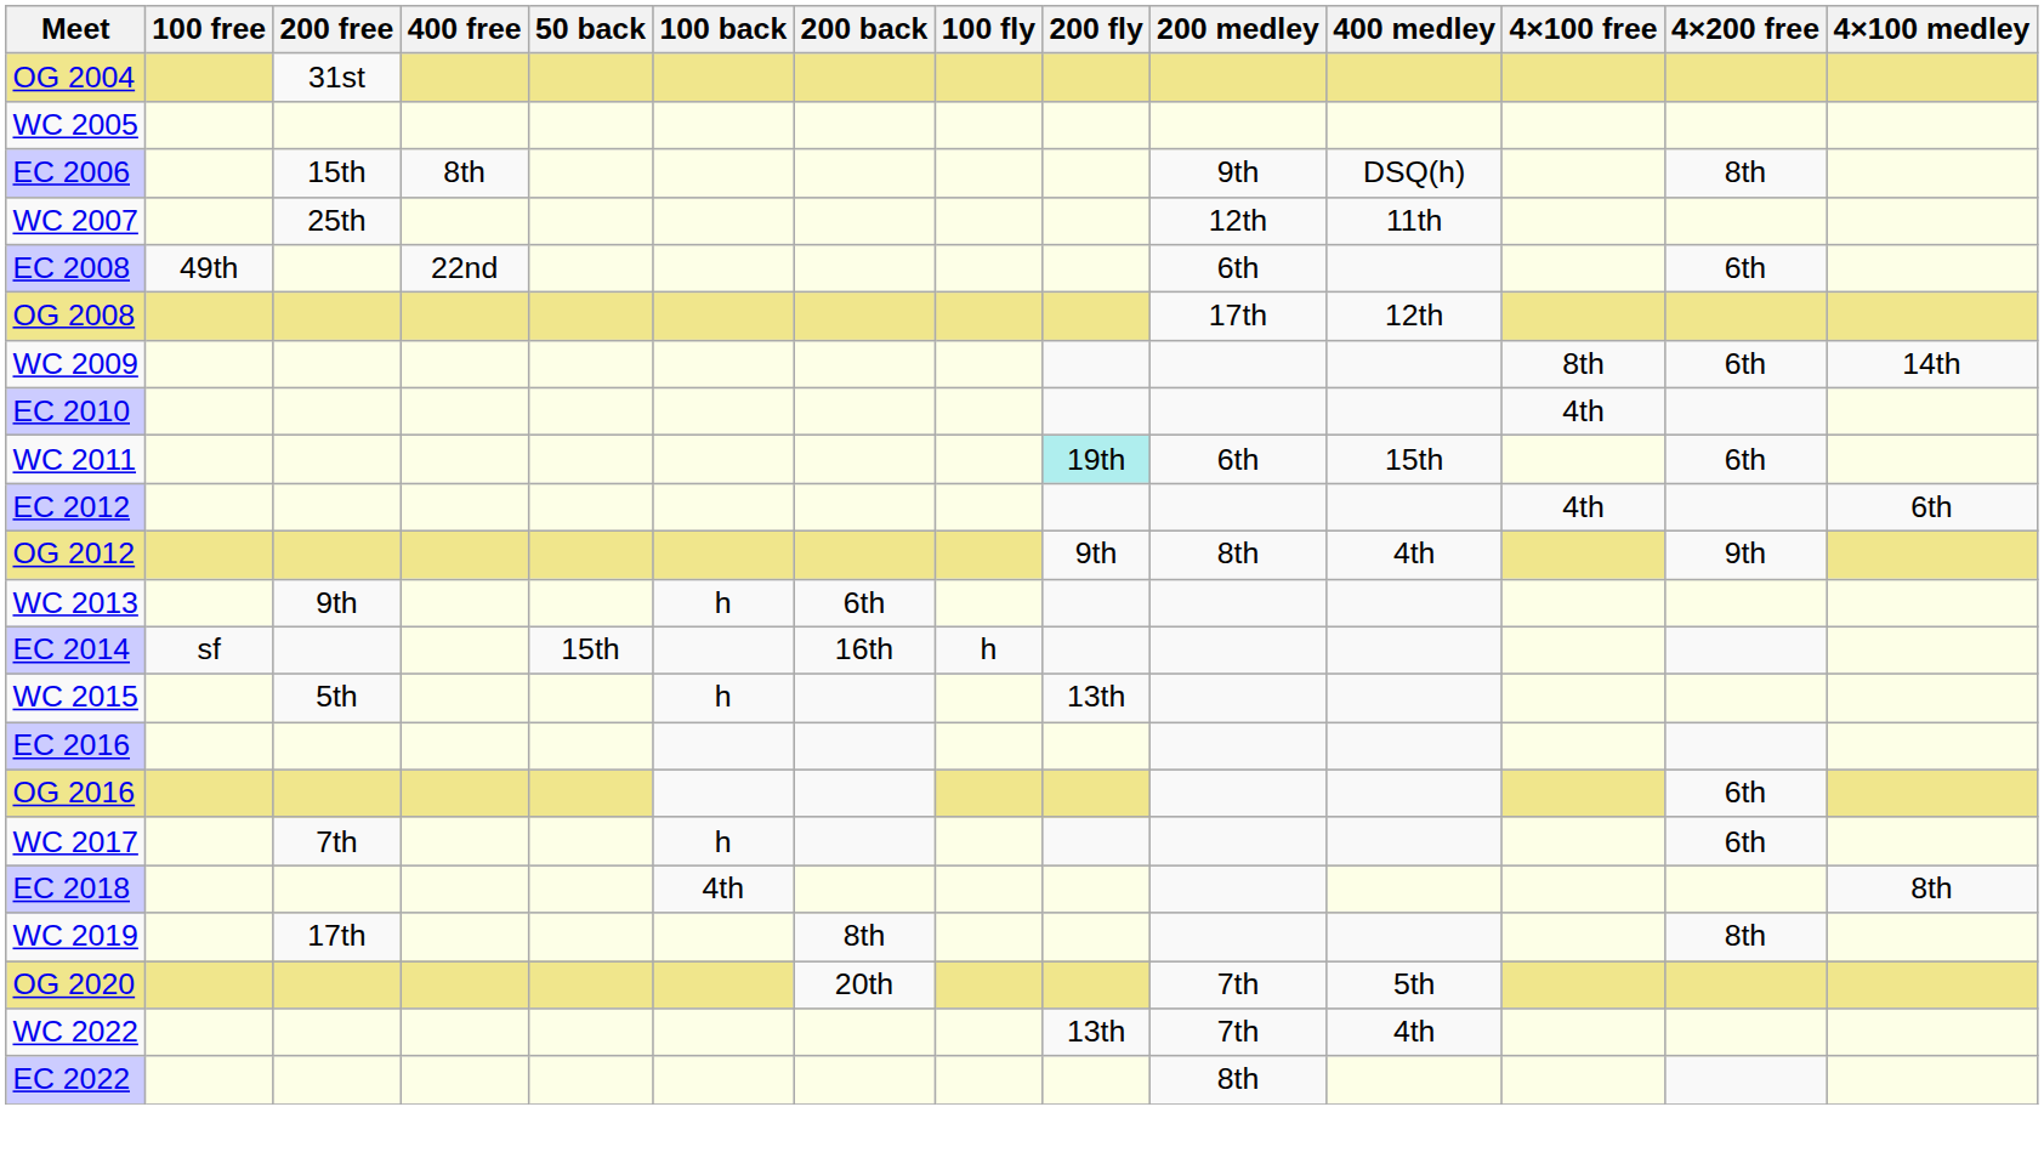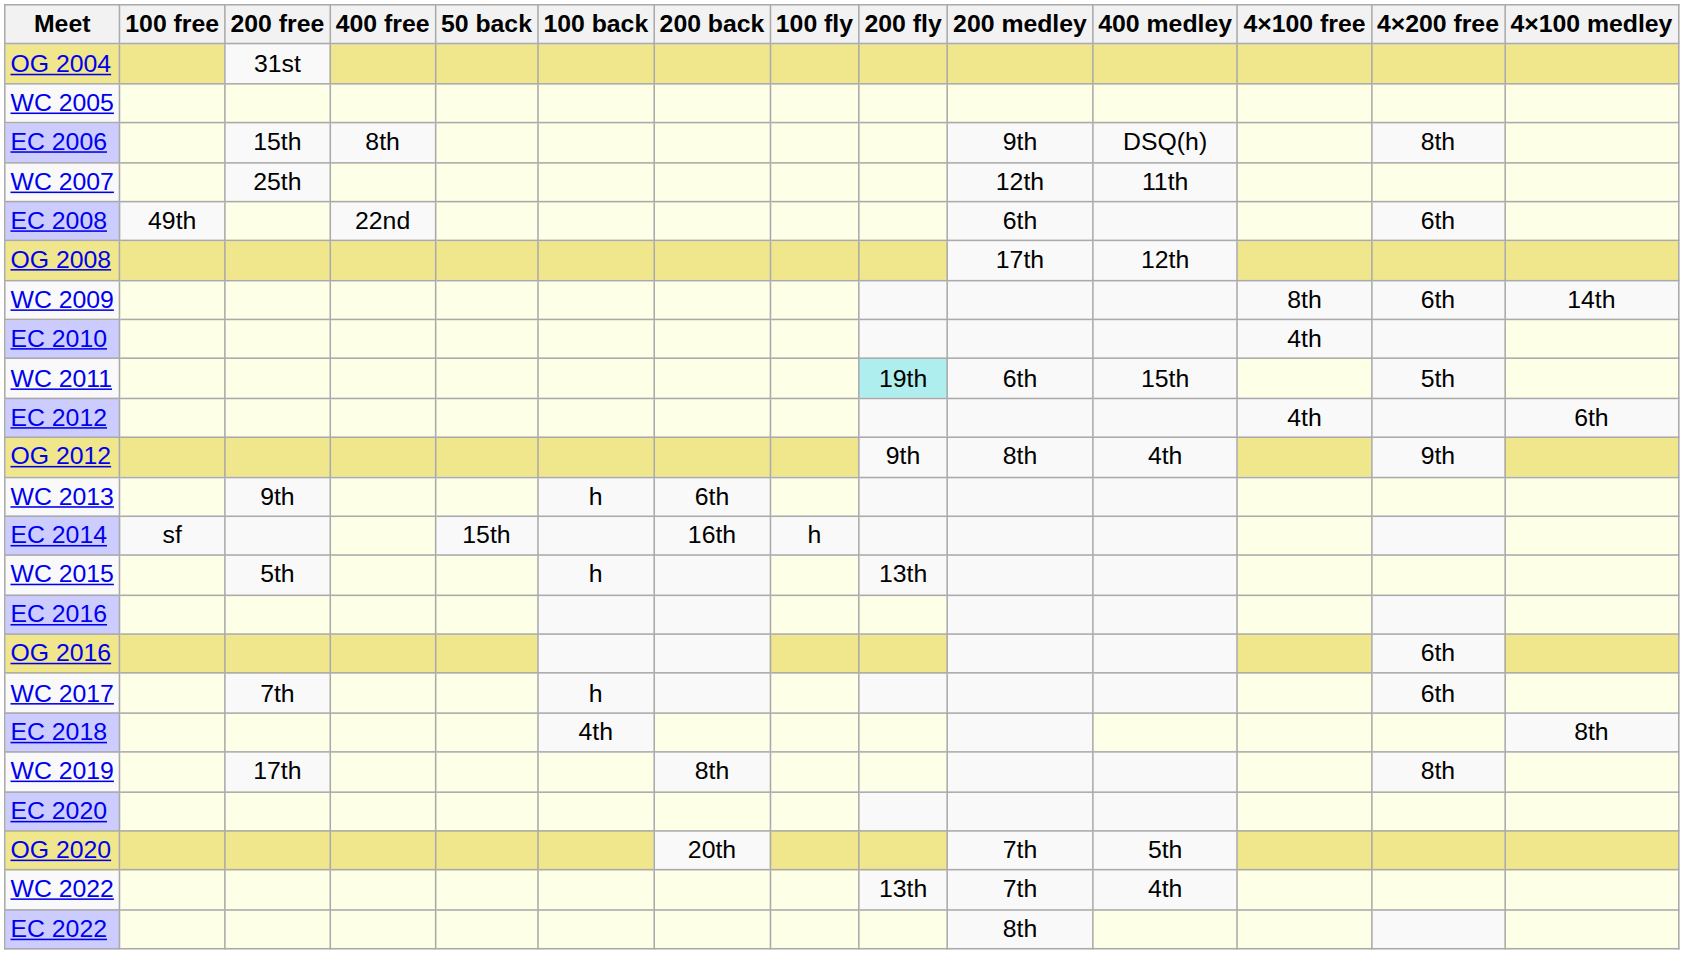 <table class="sortable wikitable">
 <tr>
 <th>Meet</th>
 <th class="unsortable">100 free</th>
 <th class="unsortable">200 free</th>
 <th class="unsortable">400 free</th>
 <th class="unsortable">50 back</th>
 <th class="unsortable">100 back</th>
 <th class="unsortable">200 back</th>
 <th class="unsortable">100 fly</th>
 <th class="unsortable">200 fly</th>
 <th class="unsortable">200 medley</th>
 <th class="unsortable">400 medley</th>
 <th class="unsortable">4×100 free</th>
 <th class="unsortable">4×200 free</th>
 <th class="unsortable">4×100 medley</th>
 </tr>
 <tr>
 <td style="background:#f0e68c"><a href='#'>OG 2004</a></td>
 <td style="background:#f0e68c"></td>
 <td align="center">31st</td>
 <td style="background:#f0e68c"></td>
 <td style="background:#f0e68c"></td>
 <td style="background:#f0e68c"></td>
 <td style="background:#f0e68c"></td>
 <td style="background:#f0e68c"></td>
 <td style="background:#f0e68c"></td>
 <td style="background:#f0e68c"></td>
 <td style="background:#f0e68c"></td>
 <td style="background:#f0e68c"></td>
 <td style="background:#f0e68c"></td>
 <td style="background:#f0e68c"></td>
 </tr>
 <tr>
 <td><a href='#'>WC 2005</a></td>
 <td style="background:#fdffe7"></td>
 <td style="background:#fdffe7"></td>
 <td style="background:#fdffe7"></td>
 <td style="background:#fdffe7"></td>
 <td style="background:#fdffe7"></td>
 <td style="background:#fdffe7"></td>
 <td style="background:#fdffe7"></td>
 <td style="background:#fdffe7"></td>
 <td style="background:#fdffe7"></td>
 <td style="background:#fdffe7"></td>
 <td style="background:#fdffe7"></td>
 <td style="background:#fdffe7"></td>
 <td style="background:#fdffe7"></td>
 </tr>
 <tr>
 <td style="background:#ccccff"><a href='#'>EC 2006</a></td>
 <td style="background:#fdffe7"></td>
 <td align="center">15th</td>
 <td align="center">8th</td>
 <td style="background:#fdffe7"></td>
 <td style="background:#fdffe7"></td>
 <td style="background:#fdffe7"></td>
 <td style="background:#fdffe7"></td>
 <td style="background:#fdffe7"></td>
 <td align="center">9th</td>
 <td align="center">DSQ(h)</td>
 <td style="background:#fdffe7"></td>
 <td align="center">8th</td>
 <td style="background:#fdffe7"></td>
 </tr>
 <tr>
 <td><a href='#'>WC 2007</a></td>
 <td style="background:#fdffe7"></td>
 <td align="center">25th</td>
 <td style="background:#fdffe7"></td>
 <td style="background:#fdffe7"></td>
 <td style="background:#fdffe7"></td>
 <td style="background:#fdffe7"></td>
 <td style="background:#fdffe7"></td>
 <td style="background:#fdffe7"></td>
 <td align="center">12th</td>
 <td align="center">11th</td>
 <td style="background:#fdffe7"></td>
 <td style="background:#fdffe7"></td>
 <td style="background:#fdffe7"></td>
 </tr>
 <tr>
 <td style="background:#ccccff"><a href='#'>EC 2008</a></td>
 <td align="center">49th</td>
 <td style="background:#fdffe7"></td>
 <td align="center">22nd</td>
 <td style="background:#fdffe7"></td>
 <td style="background:#fdffe7"></td>
 <td style="background:#fdffe7"></td>
 <td style="background:#fdffe7"></td>
 <td style="background:#fdffe7"></td>
 <td align="center">6th</td>
 <td align="center"></td>
 <td style="background:#fdffe7"></td>
 <td align="center">6th</td>
 <td style="background:#fdffe7"></td>
 </tr>
 <tr>
 <td style="background:#f0e68c"><a href='#'>OG 2008</a></td>
 <td style="background:#f0e68c"></td>
 <td style="background:#f0e68c"></td>
 <td style="background:#f0e68c"></td>
 <td style="background:#f0e68c"></td>
 <td style="background:#f0e68c"></td>
 <td style="background:#f0e68c"></td>
 <td style="background:#f0e68c"></td>
 <td style="background:#f0e68c"></td>
 <td align="center">17th</td>
 <td align="center">12th</td>
 <td style="background:#f0e68c"></td>
 <td style="background:#f0e68c"></td>
 <td style="background:#f0e68c"></td>
 </tr>
 <tr>
 <td><a href='#'>WC 2009</a></td>
 <td style="background:#fdffe7"></td>
 <td style="background:#fdffe7"></td>
 <td style="background:#fdffe7"></td>
 <td style="background:#fdffe7"></td>
 <td style="background:#fdffe7"></td>
 <td style="background:#fdffe7"></td>
 <td style="background:#fdffe7"></td>
 <td align="center"></td>
 <td align="center"></td>
 <td align="center"></td>
 <td align="center">8th</td>
 <td align="center">6th</td>
 <td align="center">14th</td>
 </tr>
 <tr>
 <td style="background:#ccccff"><a href='#'>EC 2010</a></td>
 <td style="background:#fdffe7"></td>
 <td style="background:#fdffe7"></td>
 <td style="background:#fdffe7"></td>
 <td style="background:#fdffe7"></td>
 <td style="background:#fdffe7"></td>
 <td style="background:#fdffe7"></td>
 <td style="background:#fdffe7"></td>
 <td align="center"></td>
 <td align="center"></td>
 <td align="center"></td>
 <td align="center">4th</td>
 <td align="center"></td>
 <td style="background:#fdffe7"></td>
 </tr>
 <tr>
 <td><a href='#'>WC 2011</a></td>
 <td style="background:#fdffe7"></td>
 <td style="background:#fdffe7"></td>
 <td style="background:#fdffe7"></td>
 <td style="background:#fdffe7"></td>
 <td style="background:#fdffe7"></td>
 <td style="background:#fdffe7"></td>
 <td style="background:#fdffe7"></td>
 <td align="center" style="background: paleturquoise;">19th</td>
 <td align="center">6th</td>
 <td align="center">15th</td>
 <td style="background:#fdffe7"></td>
-<td align="center">6th</td>
+<td align="center">5th</td>
 <td style="background:#fdffe7"></td>
 </tr>
 <tr>
 <td style="background:#ccccff"><a href='#'>EC 2012</a></td>
 <td style="background:#fdffe7"></td>
 <td style="background:#fdffe7"></td>
 <td style="background:#fdffe7"></td>
 <td style="background:#fdffe7"></td>
 <td style="background:#fdffe7"></td>
 <td style="background:#fdffe7"></td>
 <td style="background:#fdffe7"></td>
 <td align="center"></td>
 <td align="center"></td>
 <td align="center"></td>
 <td align="center">4th</td>
 <td align="center"></td>
 <td align="center">6th</td>
 </tr>
 <tr>
 <td style="background:#f0e68c"><a href='#'>OG 2012</a></td>
 <td style="background:#f0e68c"></td>
 <td style="background:#f0e68c"></td>
 <td style="background:#f0e68c"></td>
 <td style="background:#f0e68c"></td>
 <td style="background:#f0e68c"></td>
 <td style="background:#f0e68c"></td>
 <td style="background:#f0e68c"></td>
 <td align="center">9th</td>
 <td align="center">8th</td>
 <td align="center">4th</td>
 <td style="background:#f0e68c"></td>
 <td align="center">9th</td>
 <td style="background:#f0e68c"></td>
 </tr>
 <tr>
 <td><a href='#'>WC 2013</a></td>
 <td style="background:#fdffe7"></td>
 <td align="center">9th</td>
 <td style="background:#fdffe7"></td>
 <td style="background:#fdffe7"></td>
 <td align="center">h</td>
 <td align="center">6th</td>
 <td style="background:#fdffe7"></td>
 <td align="center"></td>
 <td align="center"></td>
 <td align="center"></td>
 <td style="background:#fdffe7"></td>
 <td style="background:#fdffe7"></td>
 <td style="background:#fdffe7"></td>
 </tr>
 <tr>
 <td style="background:#ccccff"><a href='#'>EC 2014</a></td>
 <td align="center">sf</td>
 <td align="center"></td>
 <td style="background:#fdffe7"></td>
 <td align="center">15th</td>
 <td align="center"></td>
 <td align="center">16th</td>
 <td align="center">h</td>
 <td align="center"></td>
 <td align="center"></td>
 <td align="center"></td>
 <td style="background:#fdffe7"></td>
 <td align="center"></td>
 <td style="background:#fdffe7"></td>
 </tr>
 <tr>
 <td><a href='#'>WC 2015</a></td>
 <td style="background:#fdffe7"></td>
 <td align="center">5th</td>
 <td style="background:#fdffe7"></td>
 <td style="background:#fdffe7"></td>
 <td align="center">h</td>
 <td align="center"></td>
 <td style="background:#fdffe7"></td>
 <td align="center">13th</td>
 <td align="center"></td>
 <td align="center"></td>
 <td style="background:#fdffe7"></td>
 <td style="background:#fdffe7"></td>
 <td style="background:#fdffe7"></td>
 </tr>
 <tr>
 <td style="background:#ccccff"><a href='#'>EC 2016</a></td>
 <td style="background:#fdffe7"></td>
 <td style="background:#fdffe7"></td>
 <td style="background:#fdffe7"></td>
 <td style="background:#fdffe7"></td>
 <td align="center"></td>
 <td align="center"></td>
 <td style="background:#fdffe7"></td>
 <td style="background:#fdffe7"></td>
 <td align="center"></td>
 <td align="center"></td>
 <td style="background:#fdffe7"></td>
 <td align="center"></td>
 <td style="background:#fdffe7"></td>
 </tr>
 <tr>
 <td style="background:#f0e68c"><a href='#'>OG 2016</a></td>
 <td style="background:#f0e68c"></td>
 <td style="background:#f0e68c"></td>
 <td style="background:#f0e68c"></td>
 <td style="background:#f0e68c"></td>
 <td align="center"></td>
 <td align="center"></td>
 <td style="background:#f0e68c"></td>
 <td style="background:#f0e68c"></td>
 <td align="center"></td>
 <td align="center"></td>
 <td style="background:#f0e68c"></td>
 <td align="center">6th</td>
 <td style="background:#f0e68c"></td>
 </tr>
 <tr>
 <td><a href='#'>WC 2017</a></td>
 <td style="background:#fdffe7"></td>
 <td align="center">7th</td>
 <td style="background:#fdffe7"></td>
 <td style="background:#fdffe7"></td>
 <td align="center">h</td>
 <td align="center"></td>
 <td style="background:#fdffe7"></td>
 <td align="center"></td>
 <td align="center"></td>
 <td align="center"></td>
 <td style="background:#fdffe7"></td>
 <td align="center">6th</td>
 <td style="background:#fdffe7"></td>
 </tr>
 <tr>
 <td style="background:#ccccff"><a href='#'>EC 2018</a></td>
 <td style="background:#fdffe7"></td>
 <td style="background:#fdffe7"></td>
 <td style="background:#fdffe7"></td>
 <td style="background:#fdffe7"></td>
 <td align="center">4th</td>
 <td style="background:#fdffe7"></td>
 <td style="background:#fdffe7"></td>
 <td style="background:#fdffe7"></td>
 <td align="center"></td>
 <td style="background:#fdffe7"></td>
 <td style="background:#fdffe7"></td>
 <td style="background:#fdffe7"></td>
 <td align="center">8th</td>
 </tr>
 <tr>
 <td><a href='#'>WC 2019</a></td>
 <td style="background:#fdffe7"></td>
 <td align="center">17th</td>
 <td style="background:#fdffe7"></td>
 <td style="background:#fdffe7"></td>
 <td style="background:#fdffe7"></td>
 <td align="center">8th</td>
 <td style="background:#fdffe7"></td>
 <td style="background:#fdffe7"></td>
 <td align="center"></td>
 <td align="center"></td>
 <td style="background:#fdffe7"></td>
 <td align="center">8th</td>
 <td style="background:#fdffe7"></td>
 </tr>
 <tr>
+<td style="background:#ccccff"><a href='#'>EC 2020</a></td>
+<td style="background:#fdffe7"></td>
+<td style="background:#fdffe7"></td>
+<td style="background:#fdffe7"></td>
+<td style="background:#fdffe7"></td>
+<td style="background:#fdffe7"></td>
+<td style="background:#fdffe7"></td>
+<td style="background:#fdffe7"></td>
+<td align="center"></td>
+<td align="center"></td>
+<td align="center"></td>
+<td style="background:#fdffe7"></td>
+<td style="background:#fdffe7"></td>
+<td style="background:#fdffe7"></td>
+</tr>
+<tr>
 <td style="background:#f0e68c"><a href='#'>OG 2020</a></td>
 <td style="background:#f0e68c"></td>
 <td style="background:#f0e68c"></td>
 <td style="background:#f0e68c"></td>
 <td style="background:#f0e68c"></td>
 <td style="background:#f0e68c"></td>
 <td align="center">20th</td>
 <td style="background:#f0e68c"></td>
 <td style="background:#f0e68c"></td>
 <td align="center">7th</td>
 <td align="center">5th</td>
 <td style="background:#f0e68c"></td>
 <td style="background:#f0e68c"></td>
 <td style="background:#f0e68c"></td>
 </tr>
 <tr>
 <td><a href='#'>WC 2022</a></td>
 <td style="background:#fdffe7"></td>
 <td style="background:#fdffe7"></td>
 <td style="background:#fdffe7"></td>
 <td style="background:#fdffe7"></td>
 <td style="background:#fdffe7"></td>
 <td style="background:#fdffe7"></td>
 <td style="background:#fdffe7"></td>
 <td align="center">13th</td>
 <td align="center">7th</td>
 <td align="center">4th</td>
 <td style="background:#fdffe7"></td>
 <td style="background:#fdffe7"></td>
 <td style="background:#fdffe7"></td>
 </tr>
 <tr>
 <td style="background:#ccccff"><a href='#'>EC 2022</a></td>
 <td style="background:#fdffe7"></td>
 <td style="background:#fdffe7"></td>
 <td style="background:#fdffe7"></td>
 <td style="background:#fdffe7"></td>
 <td style="background:#fdffe7"></td>
 <td style="background:#fdffe7"></td>
 <td style="background:#fdffe7"></td>
 <td style="background:#fdffe7"></td>
 <td align="center">8th</td>
 <td style="background:#fdffe7"></td>
 <td style="background:#fdffe7"></td>
 <td align="center"></td>
 <td style="background:#fdffe7"></td>
 </tr>
 </table>
